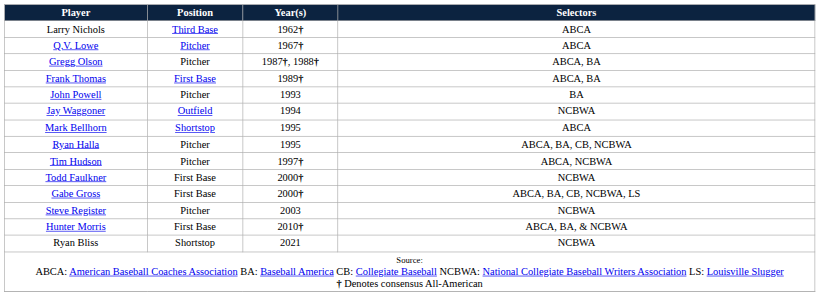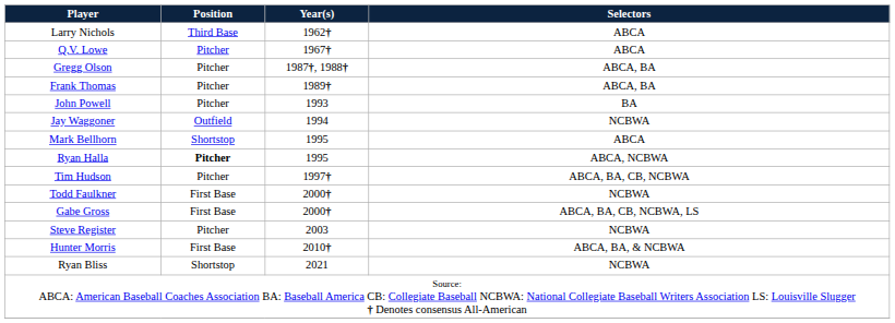 <table class="wikitable" style="background:white; min-width:70%">
 <tr>
 <th style="background: #0C2340; color:white; width:15%">Player</th>
 <th style="background: #0C2340; color:white; width:10%">Position</th>
 <th style="background: #0C2340; color:white; width:10%">Year(s)</th>
 <th style="background: #0C2340; color:white; width:50%">Selectors</th>
 </tr>
 <tr align="center">
 <td>Larry Nichols</td>
 <td><a href='#'>Third Base</a></td>
 <td>1962<strong>†</strong></td>
 <td>ABCA</td>
 </tr>
 <tr align="center">
 <td><a href='#'>Q.V. Lowe</a></td>
 <td><a href='#'>Pitcher</a></td>
 <td>1967<strong>†</strong></td>
 <td>ABCA</td>
 </tr>
 <tr align="center">
 <td><a href='#'>Gregg Olson</a></td>
 <td>Pitcher</td>
 <td>1987<strong>†</strong>, 1988<strong>†</strong></td>
 <td>ABCA, BA</td>
 </tr>
 <tr align="center">
 <td><a href='#'>Frank Thomas</a></td>
-<td><a href='#'>First Base</a></td>
+<td>Pitcher</td>
 <td>1989<strong>†</strong></td>
 <td>ABCA, BA</td>
 </tr>
 <tr align="center">
 <td><a href='#'>John Powell</a></td>
 <td>Pitcher</td>
 <td>1993</td>
 <td>BA</td>
 </tr>
 <tr align="center">
 <td><a href='#'>Jay Waggoner</a></td>
 <td><a href='#'>Outfield</a></td>
 <td>1994</td>
 <td>NCBWA</td>
 </tr>
 <tr align="center">
 <td><a href='#'>Mark Bellhorn</a></td>
 <td><a href='#'>Shortstop</a></td>
 <td>1995</td>
 <td>ABCA</td>
 </tr>
 <tr align="center">
 <td><a href='#'>Ryan Halla</a></td>
-<td>Pitcher</td>
+<td><strong>Pitcher</strong></td>
 <td>1995</td>
-<td>ABCA, BA, CB, NCBWA</td>
+<td>ABCA, NCBWA</td>
 </tr>
 <tr align="center">
 <td><a href='#'>Tim Hudson</a></td>
 <td>Pitcher</td>
 <td>1997<strong>†</strong></td>
-<td>ABCA, NCBWA</td>
+<td>ABCA, BA, CB, NCBWA</td>
 </tr>
 <tr align="center">
 <td><a href='#'>Todd Faulkner</a></td>
 <td>First Base</td>
 <td>2000<strong>†</strong></td>
 <td>NCBWA</td>
 </tr>
 <tr align="center">
 <td><a href='#'>Gabe Gross</a></td>
 <td>First Base</td>
 <td>2000<strong>†</strong></td>
 <td>ABCA, BA, CB, NCBWA, LS</td>
 </tr>
 <tr align="center">
 <td><a href='#'>Steve Register</a></td>
 <td>Pitcher</td>
 <td>2003</td>
 <td>NCBWA</td>
 </tr>
 <tr align="center">
 <td><a href='#'>Hunter Morris</a></td>
 <td>First Base</td>
 <td>2010<strong>†</strong></td>
 <td>ABCA, BA, & NCBWA</td>
 </tr>
 <tr align="center">
 <td>Ryan Bliss</td>
 <td>Shortstop</td>
 <td>2021</td>
 <td>NCBWA</td>
 </tr>
 <tr align="center">
 <td colspan=4><small>Source:</small><br>ABCA: <a href='#'>American Baseball Coaches Association</a> BA: <a href='#'>Baseball America</a> CB: <a href='#'>Collegiate Baseball</a> NCBWA: <a href='#'>National Collegiate Baseball Writers Association</a> LS: <a href='#'>Louisville Slugger</a> <br> <strong>†</strong> Denotes consensus All-American</td>
 </tr>
 <tr>
 </tr>
 </table>
